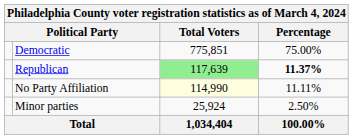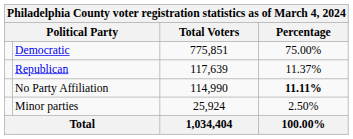 <table class="wikitable">
 <tr>
 <th colspan="6">Philadelphia County voter registration statistics as of March 4, 2024</th>
 </tr>
 <tr>
 <th colspan="2">Political Party</th>
 <th>Total Voters</th>
 <th>Percentage</th>
 </tr>
 <tr>
 <td></td>
 <td><a href='#'>Democratic</a></td>
 <td align="center">775,851</td>
 <td align="center">75.00%</td>
 </tr>
 <tr>
 <td></td>
 <td><a href='#'>Republican</a></td>
-<td align="center" style="background: lightgreen;">117,639</td>
-<td align="center"><strong>11.37%</strong></td>
+<td align="center">117,639</td>
+<td align="center">11.37%</td>
 </tr>
 <tr>
 <td></td>
 <td>No Party Affiliation</td>
-<td align="center" style="background: lightyellow;">114,990</td>
-<td align="center">11.11%</td>
+<td align="center">114,990</td>
+<td align="center"><strong>11.11%</strong></td>
 </tr>
 <tr>
 <td></td>
 <td>Minor parties</td>
 <td align="center">25,924</td>
 <td align="center">2.50%</td>
 </tr>
 <tr>
 <th colspan="2">Total</th>
 <th align="center">1,034,404</th>
 <th align="center">100.00%</th>
 </tr>
 </table>
